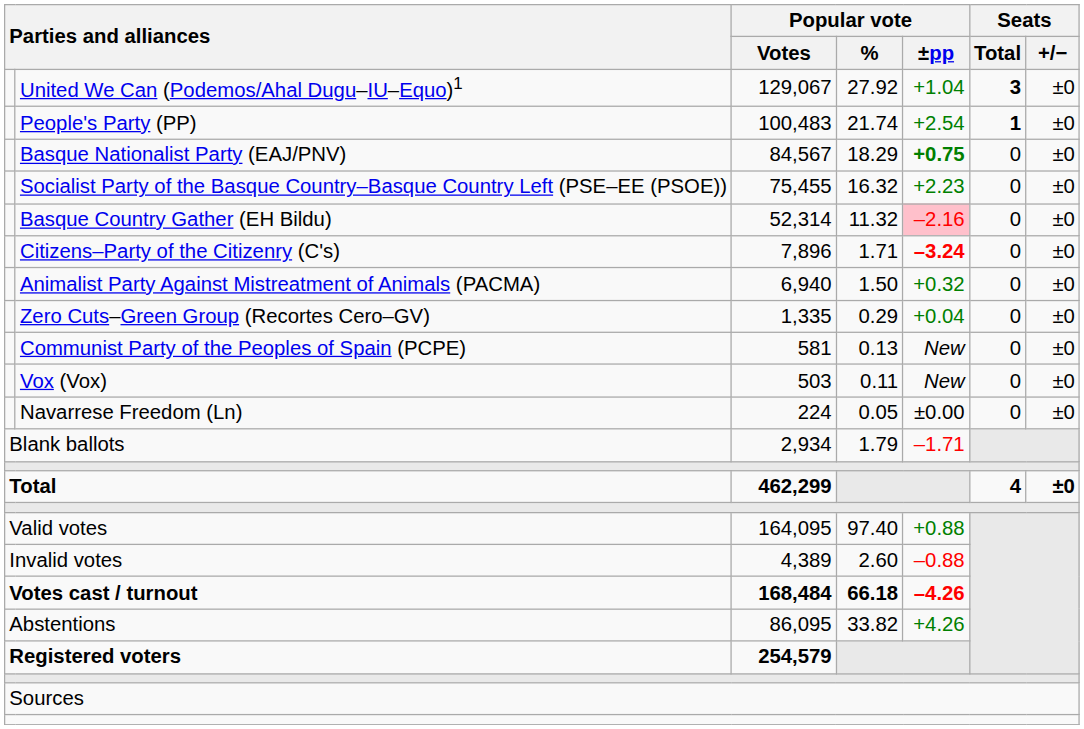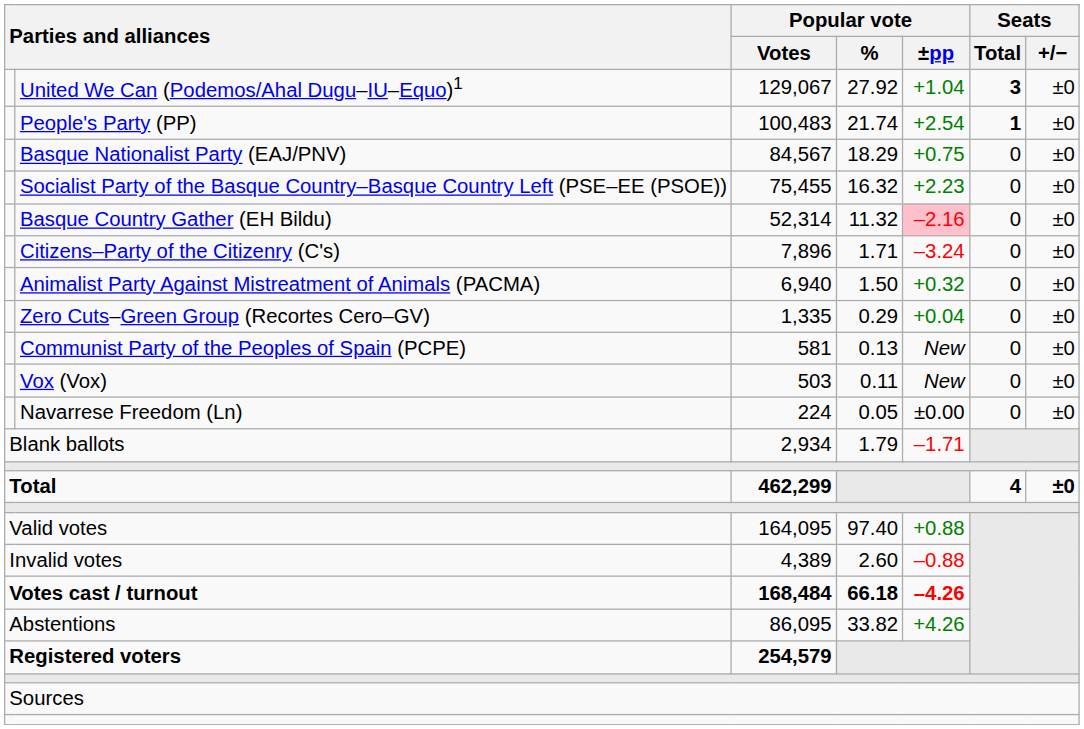 <table class="wikitable" style="text-align:right;">
 <tr>
 <th style="text-align:left;" rowspan="2" colspan="2" width="525">Parties and alliances</th>
 <th colspan="3">Popular vote</th>
 <th colspan="2">Seats</th>
 </tr>
 <tr>
 <th width="75">Votes</th>
 <th width="45">%</th>
 <th width="45">±<a href='#'>pp</a></th>
 <th width="35">Total</th>
 <th width="35">+/−</th>
 </tr>
 <tr>
 <td width="1" style="color:inherit;background:"></td>
 <td align="left"><a href='#'>United We Can</a> (<a href='#'>Podemos/Ahal Dugu</a>–<a href='#'>IU</a>–<a href='#'>Equo</a>)<sup>1</sup></td>
 <td>129,067</td>
 <td>27.92</td>
 <td style="color:green;">+1.04</td>
 <td><strong>3</strong></td>
 <td>±0</td>
 </tr>
 <tr>
 <td style="color:inherit;background:"></td>
 <td align="left"><a href='#'>People's Party</a> (PP)</td>
 <td>100,483</td>
 <td>21.74</td>
 <td style="color:green;">+2.54</td>
 <td><strong>1</strong></td>
 <td>±0</td>
 </tr>
 <tr>
 <td style="color:inherit;background:"></td>
 <td align="left"><a href='#'>Basque Nationalist Party</a> (EAJ/PNV)</td>
 <td>84,567</td>
 <td>18.29</td>
-<td style="color:green;"><strong>+0.75</strong></td>
+<td style="color:green;">+0.75</td>
 <td>0</td>
 <td>±0</td>
 </tr>
 <tr>
 <td style="color:inherit;background:"></td>
 <td align="left"><a href='#'>Socialist Party of the Basque Country–Basque Country Left</a> (PSE–EE (PSOE))</td>
 <td>75,455</td>
 <td>16.32</td>
 <td style="color:green;">+2.23</td>
 <td>0</td>
 <td>±0</td>
 </tr>
 <tr>
 <td style="color:inherit;background:"></td>
 <td align="left"><a href='#'>Basque Country Gather</a> (EH Bildu)</td>
 <td>52,314</td>
 <td>11.32</td>
 <td style="background: pink; color:red;">–2.16</td>
 <td>0</td>
 <td>±0</td>
 </tr>
 <tr>
 <td style="color:inherit;background:"></td>
 <td align="left"><a href='#'>Citizens–Party of the Citizenry</a> (C's)</td>
 <td>7,896</td>
 <td>1.71</td>
-<td style="color:red;"><strong>–3.24</strong></td>
+<td style="color:red;">–3.24</td>
 <td>0</td>
 <td>±0</td>
 </tr>
 <tr>
 <td style="color:inherit;background:"></td>
 <td align="left"><a href='#'>Animalist Party Against Mistreatment of Animals</a> (PACMA)</td>
 <td>6,940</td>
 <td>1.50</td>
 <td style="color:green;">+0.32</td>
 <td>0</td>
 <td>±0</td>
 </tr>
 <tr>
 <td style="color:inherit;background:"></td>
 <td align="left"><a href='#'>Zero Cuts</a>–<a href='#'>Green Group</a> (Recortes Cero–GV)</td>
 <td>1,335</td>
 <td>0.29</td>
 <td style="color:green;">+0.04</td>
 <td>0</td>
 <td>±0</td>
 </tr>
 <tr>
 <td style="color:inherit;background:"></td>
 <td align="left"><a href='#'>Communist Party of the Peoples of Spain</a> (PCPE)</td>
 <td>581</td>
 <td>0.13</td>
 <td><em>New</em></td>
 <td>0</td>
 <td>±0</td>
 </tr>
 <tr>
 <td style="color:inherit;background:"></td>
 <td align="left"><a href='#'>Vox</a> (Vox)</td>
 <td>503</td>
 <td>0.11</td>
 <td><em>New</em></td>
 <td>0</td>
 <td>±0</td>
 </tr>
 <tr>
 <td style="color:inherit;background:"></td>
 <td align="left">Navarrese Freedom (Ln)</td>
 <td>224</td>
 <td>0.05</td>
 <td>±0.00</td>
 <td>0</td>
 <td>±0</td>
 </tr>
 <tr>
 <td align="left" colspan="2">Blank ballots</td>
 <td>2,934</td>
 <td>1.79</td>
 <td style="color:red;">–1.71</td>
 <td bgcolor="#E9E9E9" colspan="2"></td>
 </tr>
 <tr>
 <td colspan="7" bgcolor="#E9E9E9"></td>
 </tr>
 <tr style="font-weight:bold;">
 <td align="left" colspan="2">Total</td>
 <td>462,299</td>
 <td bgcolor="#E9E9E9" colspan="2"></td>
 <td>4</td>
 <td>±0</td>
 </tr>
 <tr>
 <td colspan="7" bgcolor="#E9E9E9"></td>
 </tr>
 <tr>
 <td align="left" colspan="2">Valid votes</td>
 <td>164,095</td>
 <td>97.40</td>
 <td style="color:green;">+0.88</td>
 <td bgcolor="#E9E9E9" colspan="2" rowspan="5"></td>
 </tr>
 <tr>
 <td align="left" colspan="2">Invalid votes</td>
 <td>4,389</td>
 <td>2.60</td>
 <td style="color:red;">–0.88</td>
 </tr>
 <tr style="font-weight:bold;">
 <td align="left" colspan="2">Votes cast / turnout</td>
 <td>168,484</td>
 <td>66.18</td>
 <td style="color:red;">–4.26</td>
 </tr>
 <tr>
 <td align="left" colspan="2">Abstentions</td>
 <td>86,095</td>
 <td>33.82</td>
 <td style="color:green;">+4.26</td>
 </tr>
 <tr style="font-weight:bold;">
 <td align="left" colspan="2">Registered voters</td>
 <td>254,579</td>
 <td bgcolor="#E9E9E9" colspan="2"></td>
 </tr>
 <tr>
 <td colspan="7" bgcolor="#E9E9E9"></td>
 </tr>
 <tr>
 <td align="left" colspan="7">Sources</td>
 </tr>
 <tr>
 <td colspan="7" style="text-align:left; max-width:790px;"></td>
 </tr>
 </table>
